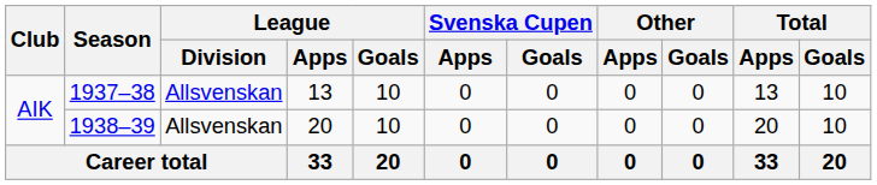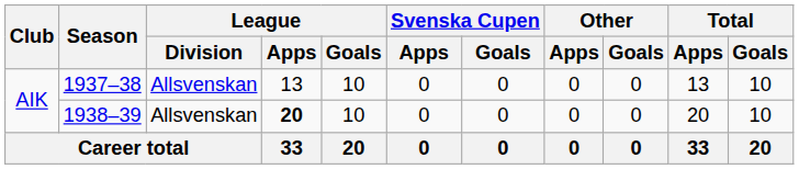 <table class="wikitable" style="text-align: center">
 <tr>
 <th rowspan="2">Club</th>
 <th rowspan="2">Season</th>
 <th colspan="3">League</th>
 <th colspan="2"><a href='#'>Svenska Cupen</a></th>
 <th colspan="2">Other</th>
 <th colspan="2">Total</th>
 </tr>
 <tr>
 <th>Division</th>
 <th>Apps</th>
 <th>Goals</th>
 <th>Apps</th>
 <th>Goals</th>
 <th>Apps</th>
 <th>Goals</th>
 <th>Apps</th>
 <th>Goals</th>
 </tr>
 <tr>
 <td rowspan="2"><a href='#'>AIK</a></td>
 <td><a href='#'>1937–38</a></td>
 <td><a href='#'>Allsvenskan</a></td>
 <td>13</td>
 <td>10</td>
 <td>0</td>
 <td>0</td>
 <td>0</td>
 <td>0</td>
 <td>13</td>
 <td>10</td>
 </tr>
 <tr>
 <td><a href='#'>1938–39</a></td>
 <td>Allsvenskan</td>
-<td>20</td>
+<td><strong>20</strong></td>
 <td>10</td>
 <td>0</td>
 <td>0</td>
 <td>0</td>
 <td>0</td>
 <td>20</td>
 <td>10</td>
 </tr>
 <tr>
 <th colspan="3">Career total</th>
 <th>33</th>
 <th>20</th>
 <th>0</th>
 <th>0</th>
 <th>0</th>
 <th>0</th>
 <th>33</th>
 <th>20</th>
 </tr>
 </table>
